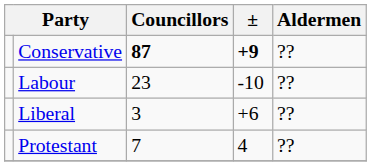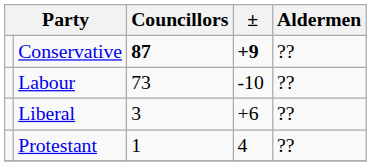 <table class="wikitable">
 <tr>
 <th colspan="2">Party</th>
 <th>Councillors</th>
 <th>  ±  </th>
 <th>Aldermen</th>
 </tr>
 <tr>
 <td style="background-color: "></td>
 <td><a href='#'>Conservative</a></td>
 <td><strong>87</strong></td>
 <td><strong>+9</strong></td>
 <td>??</td>
 </tr>
 <tr>
 <td style="background-color: "></td>
 <td><a href='#'>Labour</a></td>
-<td>23</td>
+<td>73</td>
 <td>-10</td>
 <td>??</td>
 </tr>
 <tr>
 <td style="background-color: "></td>
 <td><a href='#'>Liberal</a></td>
 <td>3</td>
 <td>+6</td>
 <td>??</td>
 </tr>
 <tr>
 <td style="background-color: "></td>
 <td><a href='#'>Protestant</a></td>
-<td>7</td>
+<td>1</td>
 <td>4</td>
 <td>??</td>
 </tr>
 <tr>
 </tr>
 </table>
